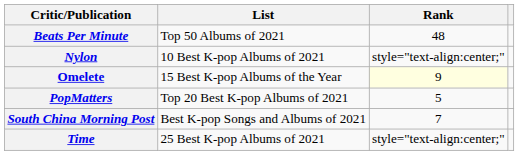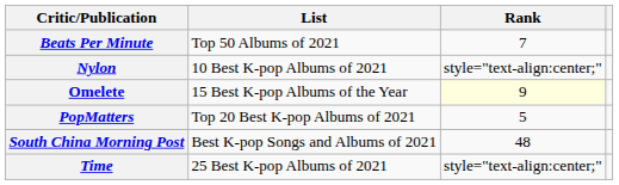 <table class="wikitable sortable plainrowheaders">
 <tr>
 <th>Critic/Publication</th>
 <th scope="col" class="unsortable">List</th>
 <th data-sort-type="number">Rank</th>
 <th scope="col" class="unsortable"></th>
 </tr>
 <tr>
 <th scope="row"><em><a href='#'>Beats Per Minute</a></em></th>
 <td>Top 50 Albums of 2021</td>
-<td style="text-align:center;">48</td>
+<td style="text-align:center;">7</td>
 <td style="text-align:center;"></td>
 </tr>
 <tr>
 <th scope="row"><em><a href='#'>Nylon</a></em></th>
 <td>10 Best K-pop Albums of 2021</td>
 <td>style="text-align:center;" </td>
 <td style="text-align:center;"></td>
 </tr>
 <tr>
 <th scope="row"><a href='#'>Omelete</a></th>
 <td>15 Best K-pop Albums of the Year</td>
 <td style="background: lightyellow; text-align:center;">9</td>
 <td style="text-align:center;"></td>
 </tr>
 <tr>
 <th scope="row"><em><a href='#'>PopMatters</a></em></th>
 <td>Top 20 Best K-pop Albums of 2021</td>
 <td style="text-align:center;">5</td>
 <td style="text-align:center;"></td>
 </tr>
 <tr>
 <th scope="row"><em><a href='#'>South China Morning Post</a></em></th>
 <td>Best K-pop Songs and Albums of 2021</td>
-<td style="text-align:center;">7</td>
+<td style="text-align:center;">48</td>
 <td style="text-align:center;"></td>
 </tr>
 <tr>
 <th scope="row"><em><a href='#'>Time</a></em></th>
 <td>25 Best K-pop Albums of 2021</td>
 <td>style="text-align:center;" </td>
 <td style="text-align:center;"></td>
 </tr>
 </table>
